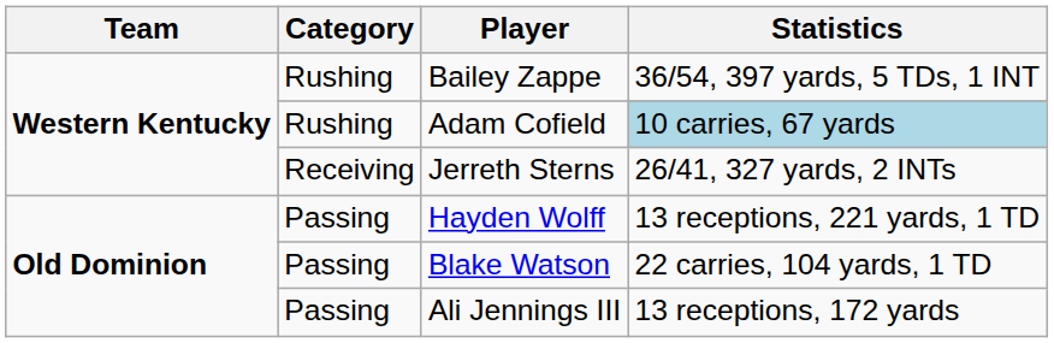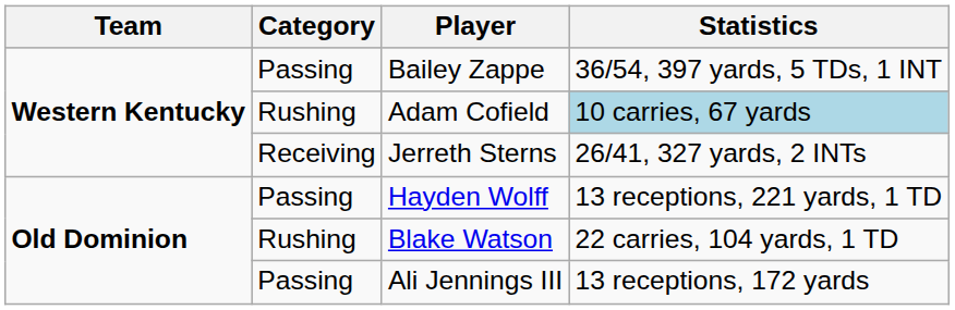 <table class="wikitable" style="float: left;">
 <tr>
 <th>Team</th>
 <th>Category</th>
 <th>Player</th>
 <th>Statistics</th>
 </tr>
 <tr>
 <td rowspan=3><strong>Western Kentucky</strong></td>
-<td>Rushing</td>
+<td>Passing</td>
 <td>Bailey Zappe</td>
 <td>36/54, 397 yards, 5 TDs, 1 INT</td>
 </tr>
 <tr>
 <td>Rushing</td>
 <td>Adam Cofield</td>
 <td style="background: lightblue;">10 carries, 67 yards</td>
 </tr>
 <tr>
 <td>Receiving</td>
 <td>Jerreth Sterns</td>
 <td>26/41, 327 yards, 2 INTs</td>
 </tr>
 <tr>
 <td rowspan=3><strong>Old Dominion</strong></td>
 <td>Passing</td>
 <td><a href='#'>Hayden Wolff</a></td>
 <td>13 receptions, 221 yards, 1 TD</td>
 </tr>
 <tr>
-<td>Passing</td>
+<td>Rushing</td>
 <td><a href='#'>Blake Watson</a></td>
 <td>22 carries, 104 yards, 1 TD</td>
 </tr>
 <tr>
 <td>Passing</td>
 <td>Ali Jennings III</td>
 <td>13 receptions, 172 yards</td>
 </tr>
 </table>
